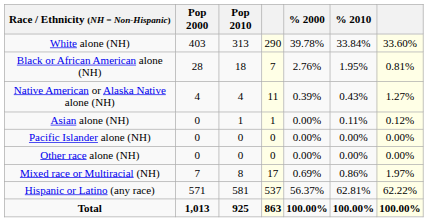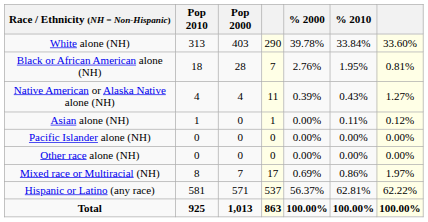 <table class="wikitable" style="text-align:center;">
 <tr>
 <th>Race / Ethnicity <small>(<em>NH = Non-Hispanic</em>)</small></th>
+<th>Pop 2010</th>
 <th>Pop 2000</th>
-<th>Pop 2010</th>
 <th></th>
 <th>% 2000</th>
 <th>% 2010</th>
 <th></th>
 </tr>
 <tr>
 <td><a href='#'>White</a> alone (NH)</td>
+<td>313</td>
 <td>403</td>
-<td>313</td>
 <td style='background: #ffffe6;'>290</td>
 <td>39.78%</td>
 <td>33.84%</td>
 <td style='background: #ffffe6;'>33.60%</td>
 </tr>
 <tr>
 <td><a href='#'>Black or African American</a> alone (NH)</td>
+<td>18</td>
 <td>28</td>
-<td>18</td>
 <td style='background: #ffffe6;'>7</td>
 <td>2.76%</td>
 <td>1.95%</td>
 <td style='background: #ffffe6;'>0.81%</td>
 </tr>
 <tr>
 <td><a href='#'>Native American</a> or <a href='#'>Alaska Native</a> alone (NH)</td>
 <td>4</td>
 <td>4</td>
 <td style='background: #ffffe6;'>11</td>
 <td>0.39%</td>
 <td>0.43%</td>
 <td style='background: #ffffe6;'>1.27%</td>
 </tr>
 <tr>
 <td><a href='#'>Asian</a> alone (NH)</td>
+<td>1</td>
 <td>0</td>
-<td>1</td>
 <td style='background: #ffffe6;'>1</td>
 <td>0.00%</td>
 <td>0.11%</td>
 <td style='background: #ffffe6;'>0.12%</td>
 </tr>
 <tr>
 <td><a href='#'>Pacific Islander</a> alone (NH)</td>
 <td>0</td>
 <td>0</td>
 <td style='background: #ffffe6;'>0</td>
 <td>0.00%</td>
 <td>0.00%</td>
 <td style='background: #ffffe6;'>0.00%</td>
 </tr>
 <tr>
 <td><a href='#'>Other race</a> alone (NH)</td>
 <td>0</td>
 <td>0</td>
 <td style='background: #ffffe6;'>0</td>
 <td>0.00%</td>
 <td>0.00%</td>
 <td style='background: #ffffe6;'>0.00%</td>
 </tr>
 <tr>
 <td><a href='#'>Mixed race or Multiracial</a> (NH)</td>
+<td>8</td>
 <td>7</td>
-<td>8</td>
 <td style='background: #ffffe6;'>17</td>
 <td>0.69%</td>
 <td>0.86%</td>
 <td style='background: #ffffe6;'>1.97%</td>
 </tr>
 <tr>
 <td><a href='#'>Hispanic or Latino</a> (any race)</td>
+<td>581</td>
 <td>571</td>
-<td>581</td>
 <td style='background: #ffffe6;'>537</td>
 <td>56.37%</td>
 <td>62.81%</td>
 <td style='background: #ffffe6;'>62.22%</td>
 </tr>
 <tr>
 <td><strong>Total</strong></td>
+<td><strong>925</strong></td>
 <td><strong>1,013</strong></td>
-<td><strong>925</strong></td>
 <td style='background: #ffffe6;'><strong>863</strong></td>
 <td><strong>100.00%</strong></td>
 <td><strong>100.00%</strong></td>
 <td style='background: #ffffe6;'><strong>100.00%</strong></td>
 </tr>
 </table>
